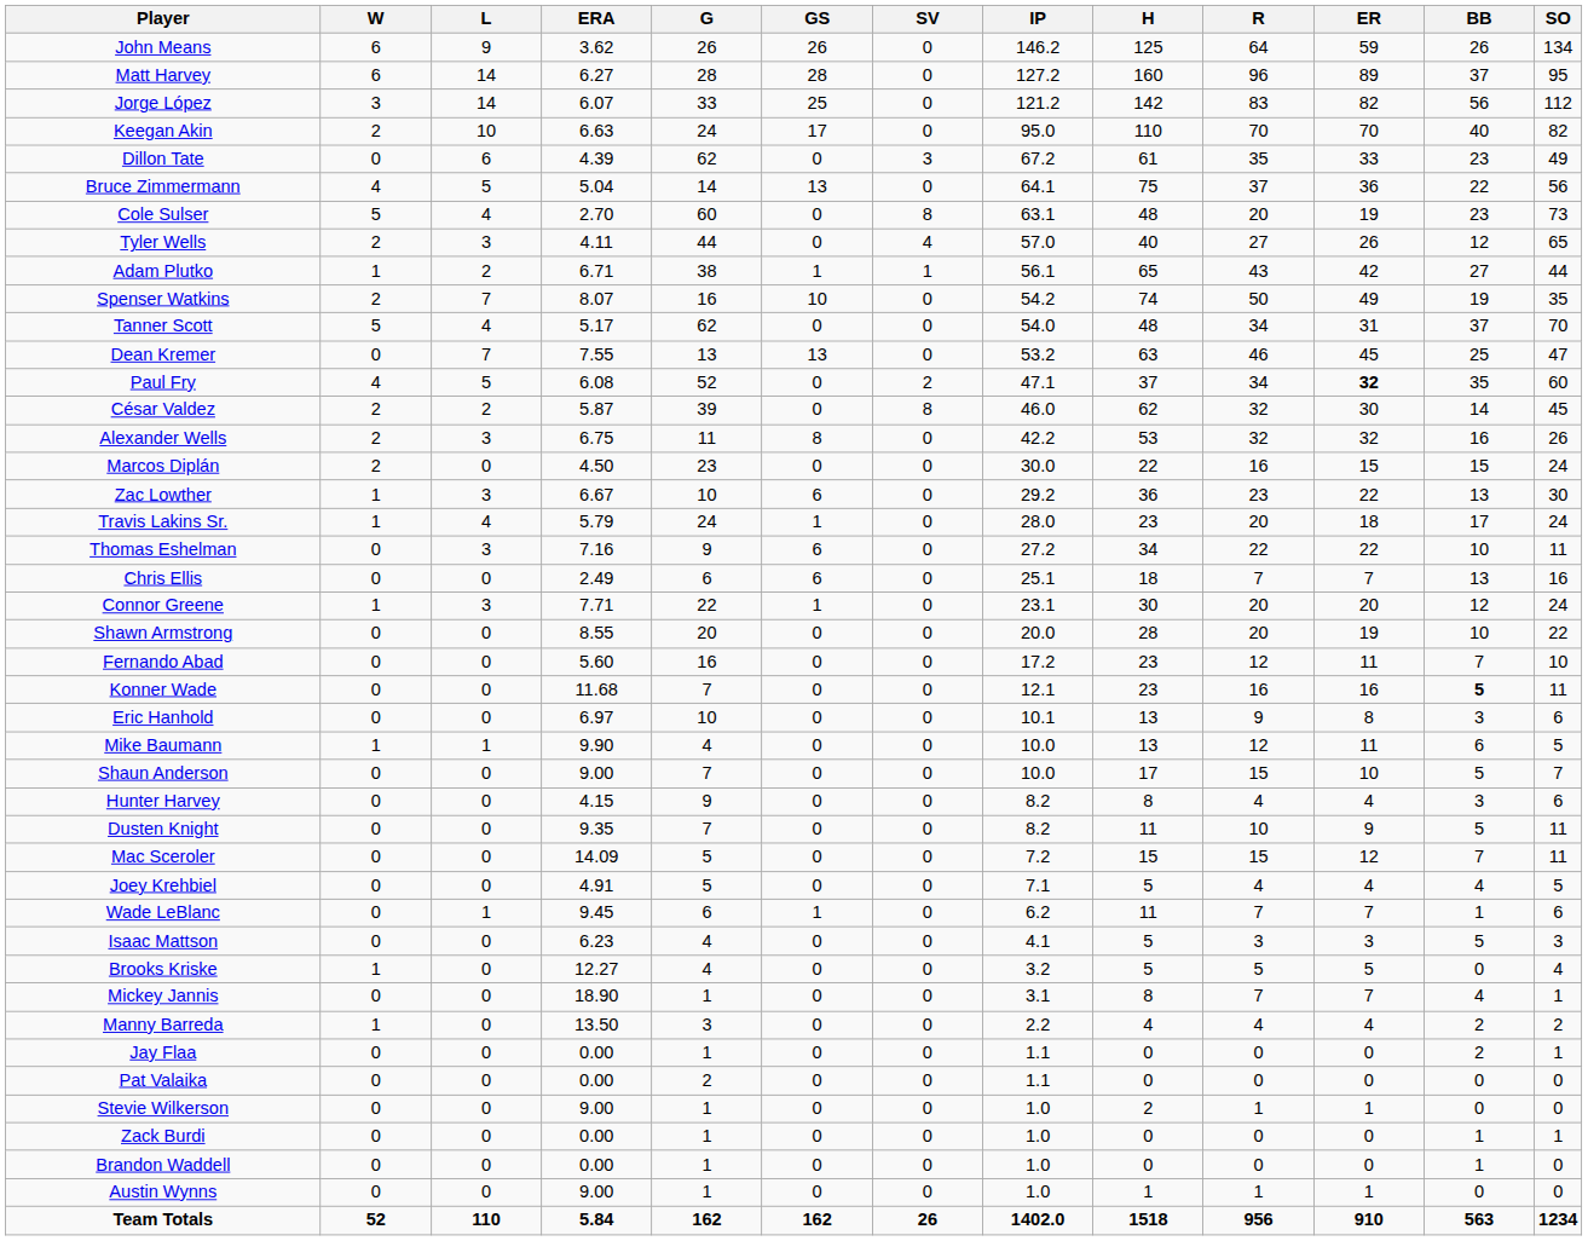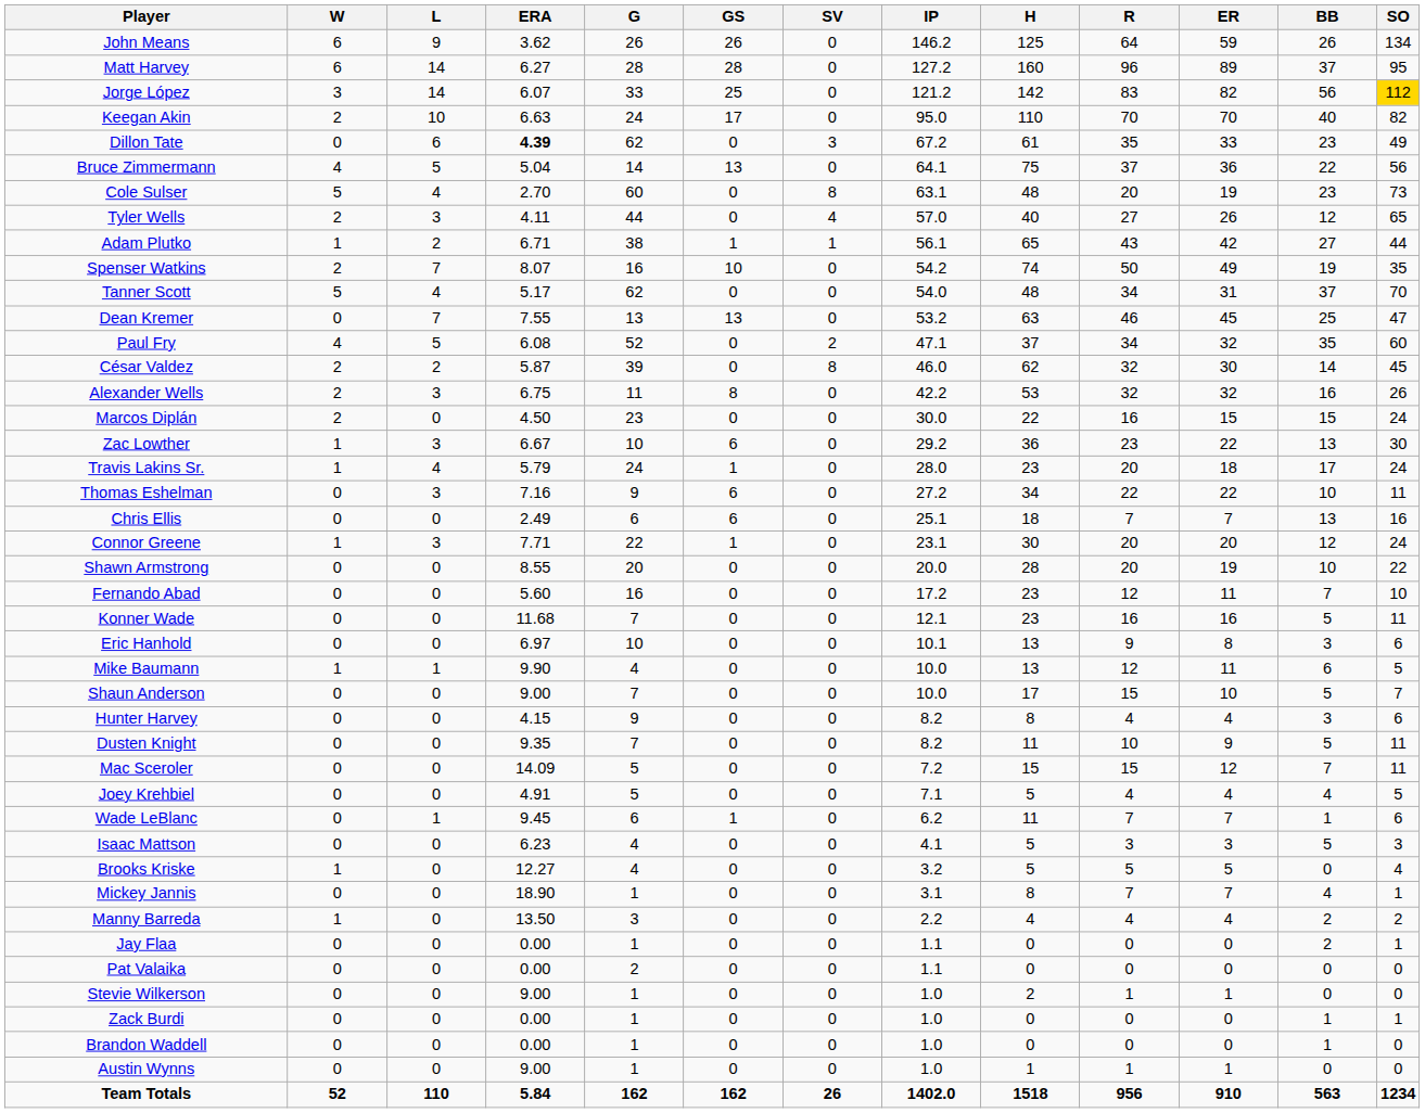 <table class=wikitable style="text-align:center">
 <tr>
 <th bgcolor=#DDDDFF; width="20%">Player</th>
 <th bgcolor=#DDDDFF; width="7%">W</th>
 <th bgcolor=#DDDDFF; width="7%">L</th>
 <th bgcolor=#DDDDFF; width="7%">ERA</th>
 <th bgcolor=#DDDDFF; width="7%">G</th>
 <th bgcolor=#DDDDFF; width="7%">GS</th>
 <th bgcolor=#DDDDFF; width="7%">SV</th>
 <th bgcolor=#DDDDFF; width="7%">IP</th>
 <th bgcolor=#DDDDFF; width="7%">H</th>
 <th bgcolor=#DDDDFF; width="7%">R</th>
 <th bgcolor=#DDDDFF; width="7%">ER</th>
 <th bgcolor=#DDDDFF; width="7%">BB</th>
 <th bgcolor=#DDDDFF; width="7%">SO</th>
 </tr>
 <tr>
 <td><a href='#'>John Means</a></td>
 <td>6</td>
 <td>9</td>
 <td>3.62</td>
 <td>26</td>
 <td>26</td>
 <td>0</td>
 <td>146.2</td>
 <td>125</td>
 <td>64</td>
 <td>59</td>
 <td>26</td>
 <td>134</td>
 </tr>
 <tr>
 <td><a href='#'>Matt Harvey</a></td>
 <td>6</td>
 <td>14</td>
 <td>6.27</td>
 <td>28</td>
 <td>28</td>
 <td>0</td>
 <td>127.2</td>
 <td>160</td>
 <td>96</td>
 <td>89</td>
 <td>37</td>
 <td>95</td>
 </tr>
 <tr>
 <td><a href='#'>Jorge López</a></td>
 <td>3</td>
 <td>14</td>
 <td>6.07</td>
 <td>33</td>
 <td>25</td>
 <td>0</td>
 <td>121.2</td>
 <td>142</td>
 <td>83</td>
 <td>82</td>
 <td>56</td>
-<td>112</td>
+<td style="background: gold;">112</td>
 </tr>
 <tr>
 <td><a href='#'>Keegan Akin</a></td>
 <td>2</td>
 <td>10</td>
 <td>6.63</td>
 <td>24</td>
 <td>17</td>
 <td>0</td>
 <td>95.0</td>
 <td>110</td>
 <td>70</td>
 <td>70</td>
 <td>40</td>
 <td>82</td>
 </tr>
 <tr>
 <td><a href='#'>Dillon Tate</a></td>
 <td>0</td>
 <td>6</td>
-<td>4.39</td>
+<td><strong>4.39</strong></td>
 <td>62</td>
 <td>0</td>
 <td>3</td>
 <td>67.2</td>
 <td>61</td>
 <td>35</td>
 <td>33</td>
 <td>23</td>
 <td>49</td>
 </tr>
 <tr>
 <td><a href='#'>Bruce Zimmermann</a></td>
 <td>4</td>
 <td>5</td>
 <td>5.04</td>
 <td>14</td>
 <td>13</td>
 <td>0</td>
 <td>64.1</td>
 <td>75</td>
 <td>37</td>
 <td>36</td>
 <td>22</td>
 <td>56</td>
 </tr>
 <tr>
 <td><a href='#'>Cole Sulser</a></td>
 <td>5</td>
 <td>4</td>
 <td>2.70</td>
 <td>60</td>
 <td>0</td>
 <td>8</td>
 <td>63.1</td>
 <td>48</td>
 <td>20</td>
 <td>19</td>
 <td>23</td>
 <td>73</td>
 </tr>
 <tr>
 <td><a href='#'>Tyler Wells</a></td>
 <td>2</td>
 <td>3</td>
 <td>4.11</td>
 <td>44</td>
 <td>0</td>
 <td>4</td>
 <td>57.0</td>
 <td>40</td>
 <td>27</td>
 <td>26</td>
 <td>12</td>
 <td>65</td>
 </tr>
 <tr>
 <td><a href='#'>Adam Plutko</a></td>
 <td>1</td>
 <td>2</td>
 <td>6.71</td>
 <td>38</td>
 <td>1</td>
 <td>1</td>
 <td>56.1</td>
 <td>65</td>
 <td>43</td>
 <td>42</td>
 <td>27</td>
 <td>44</td>
 </tr>
 <tr>
 <td><a href='#'>Spenser Watkins</a></td>
 <td>2</td>
 <td>7</td>
 <td>8.07</td>
 <td>16</td>
 <td>10</td>
 <td>0</td>
 <td>54.2</td>
 <td>74</td>
 <td>50</td>
 <td>49</td>
 <td>19</td>
 <td>35</td>
 </tr>
 <tr>
 <td><a href='#'>Tanner Scott</a></td>
 <td>5</td>
 <td>4</td>
 <td>5.17</td>
 <td>62</td>
 <td>0</td>
 <td>0</td>
 <td>54.0</td>
 <td>48</td>
 <td>34</td>
 <td>31</td>
 <td>37</td>
 <td>70</td>
 </tr>
 <tr>
 <td><a href='#'>Dean Kremer</a></td>
 <td>0</td>
 <td>7</td>
 <td>7.55</td>
 <td>13</td>
 <td>13</td>
 <td>0</td>
 <td>53.2</td>
 <td>63</td>
 <td>46</td>
 <td>45</td>
 <td>25</td>
 <td>47</td>
 </tr>
 <tr>
 <td><a href='#'>Paul Fry</a></td>
 <td>4</td>
 <td>5</td>
 <td>6.08</td>
 <td>52</td>
 <td>0</td>
 <td>2</td>
 <td>47.1</td>
 <td>37</td>
 <td>34</td>
-<td><strong>32</strong></td>
+<td>32</td>
 <td>35</td>
 <td>60</td>
 </tr>
 <tr>
 <td><a href='#'>César Valdez</a></td>
 <td>2</td>
 <td>2</td>
 <td>5.87</td>
 <td>39</td>
 <td>0</td>
 <td>8</td>
 <td>46.0</td>
 <td>62</td>
 <td>32</td>
 <td>30</td>
 <td>14</td>
 <td>45</td>
 </tr>
 <tr>
 <td><a href='#'>Alexander Wells</a></td>
 <td>2</td>
 <td>3</td>
 <td>6.75</td>
 <td>11</td>
 <td>8</td>
 <td>0</td>
 <td>42.2</td>
 <td>53</td>
 <td>32</td>
 <td>32</td>
 <td>16</td>
 <td>26</td>
 </tr>
 <tr>
 <td><a href='#'>Marcos Diplán</a></td>
 <td>2</td>
 <td>0</td>
 <td>4.50</td>
 <td>23</td>
 <td>0</td>
 <td>0</td>
 <td>30.0</td>
 <td>22</td>
 <td>16</td>
 <td>15</td>
 <td>15</td>
 <td>24</td>
 </tr>
 <tr>
 <td><a href='#'>Zac Lowther</a></td>
 <td>1</td>
 <td>3</td>
 <td>6.67</td>
 <td>10</td>
 <td>6</td>
 <td>0</td>
 <td>29.2</td>
 <td>36</td>
 <td>23</td>
 <td>22</td>
 <td>13</td>
 <td>30</td>
 </tr>
 <tr>
 <td><a href='#'>Travis Lakins Sr.</a></td>
 <td>1</td>
 <td>4</td>
 <td>5.79</td>
 <td>24</td>
 <td>1</td>
 <td>0</td>
 <td>28.0</td>
 <td>23</td>
 <td>20</td>
 <td>18</td>
 <td>17</td>
 <td>24</td>
 </tr>
 <tr>
 <td><a href='#'>Thomas Eshelman</a></td>
 <td>0</td>
 <td>3</td>
 <td>7.16</td>
 <td>9</td>
 <td>6</td>
 <td>0</td>
 <td>27.2</td>
 <td>34</td>
 <td>22</td>
 <td>22</td>
 <td>10</td>
 <td>11</td>
 </tr>
 <tr>
 <td><a href='#'>Chris Ellis</a></td>
 <td>0</td>
 <td>0</td>
 <td>2.49</td>
 <td>6</td>
 <td>6</td>
 <td>0</td>
 <td>25.1</td>
 <td>18</td>
 <td>7</td>
 <td>7</td>
 <td>13</td>
 <td>16</td>
 </tr>
 <tr>
 <td><a href='#'>Connor Greene</a></td>
 <td>1</td>
 <td>3</td>
 <td>7.71</td>
 <td>22</td>
 <td>1</td>
 <td>0</td>
 <td>23.1</td>
 <td>30</td>
 <td>20</td>
 <td>20</td>
 <td>12</td>
 <td>24</td>
 </tr>
 <tr>
 <td><a href='#'>Shawn Armstrong</a></td>
 <td>0</td>
 <td>0</td>
 <td>8.55</td>
 <td>20</td>
 <td>0</td>
 <td>0</td>
 <td>20.0</td>
 <td>28</td>
 <td>20</td>
 <td>19</td>
 <td>10</td>
 <td>22</td>
 </tr>
 <tr>
 <td><a href='#'>Fernando Abad</a></td>
 <td>0</td>
 <td>0</td>
 <td>5.60</td>
 <td>16</td>
 <td>0</td>
 <td>0</td>
 <td>17.2</td>
 <td>23</td>
 <td>12</td>
 <td>11</td>
 <td>7</td>
 <td>10</td>
 </tr>
 <tr>
 <td><a href='#'>Konner Wade</a></td>
 <td>0</td>
 <td>0</td>
 <td>11.68</td>
 <td>7</td>
 <td>0</td>
 <td>0</td>
 <td>12.1</td>
 <td>23</td>
 <td>16</td>
 <td>16</td>
-<td><strong>5</strong></td>
+<td>5</td>
 <td>11</td>
 </tr>
 <tr>
 <td><a href='#'>Eric Hanhold</a></td>
 <td>0</td>
 <td>0</td>
 <td>6.97</td>
 <td>10</td>
 <td>0</td>
 <td>0</td>
 <td>10.1</td>
 <td>13</td>
 <td>9</td>
 <td>8</td>
 <td>3</td>
 <td>6</td>
 </tr>
 <tr>
 <td><a href='#'>Mike Baumann</a></td>
 <td>1</td>
 <td>1</td>
 <td>9.90</td>
 <td>4</td>
 <td>0</td>
 <td>0</td>
 <td>10.0</td>
 <td>13</td>
 <td>12</td>
 <td>11</td>
 <td>6</td>
 <td>5</td>
 </tr>
 <tr>
 <td><a href='#'>Shaun Anderson</a></td>
 <td>0</td>
 <td>0</td>
 <td>9.00</td>
 <td>7</td>
 <td>0</td>
 <td>0</td>
 <td>10.0</td>
 <td>17</td>
 <td>15</td>
 <td>10</td>
 <td>5</td>
 <td>7</td>
 </tr>
 <tr>
 <td><a href='#'>Hunter Harvey</a></td>
 <td>0</td>
 <td>0</td>
 <td>4.15</td>
 <td>9</td>
 <td>0</td>
 <td>0</td>
 <td>8.2</td>
 <td>8</td>
 <td>4</td>
 <td>4</td>
 <td>3</td>
 <td>6</td>
 </tr>
 <tr>
 <td><a href='#'>Dusten Knight</a></td>
 <td>0</td>
 <td>0</td>
 <td>9.35</td>
 <td>7</td>
 <td>0</td>
 <td>0</td>
 <td>8.2</td>
 <td>11</td>
 <td>10</td>
 <td>9</td>
 <td>5</td>
 <td>11</td>
 </tr>
 <tr>
 <td><a href='#'>Mac Sceroler</a></td>
 <td>0</td>
 <td>0</td>
 <td>14.09</td>
 <td>5</td>
 <td>0</td>
 <td>0</td>
 <td>7.2</td>
 <td>15</td>
 <td>15</td>
 <td>12</td>
 <td>7</td>
 <td>11</td>
 </tr>
 <tr>
 <td><a href='#'>Joey Krehbiel</a></td>
 <td>0</td>
 <td>0</td>
 <td>4.91</td>
 <td>5</td>
 <td>0</td>
 <td>0</td>
 <td>7.1</td>
 <td>5</td>
 <td>4</td>
 <td>4</td>
 <td>4</td>
 <td>5</td>
 </tr>
 <tr>
 <td><a href='#'>Wade LeBlanc</a></td>
 <td>0</td>
 <td>1</td>
 <td>9.45</td>
 <td>6</td>
 <td>1</td>
 <td>0</td>
 <td>6.2</td>
 <td>11</td>
 <td>7</td>
 <td>7</td>
 <td>1</td>
 <td>6</td>
 </tr>
 <tr>
 <td><a href='#'>Isaac Mattson</a></td>
 <td>0</td>
 <td>0</td>
 <td>6.23</td>
 <td>4</td>
 <td>0</td>
 <td>0</td>
 <td>4.1</td>
 <td>5</td>
 <td>3</td>
 <td>3</td>
 <td>5</td>
 <td>3</td>
 </tr>
 <tr>
 <td><a href='#'>Brooks Kriske</a></td>
 <td>1</td>
 <td>0</td>
 <td>12.27</td>
 <td>4</td>
 <td>0</td>
 <td>0</td>
 <td>3.2</td>
 <td>5</td>
 <td>5</td>
 <td>5</td>
 <td>0</td>
 <td>4</td>
 </tr>
 <tr>
 <td><a href='#'>Mickey Jannis</a></td>
 <td>0</td>
 <td>0</td>
 <td>18.90</td>
 <td>1</td>
 <td>0</td>
 <td>0</td>
 <td>3.1</td>
 <td>8</td>
 <td>7</td>
 <td>7</td>
 <td>4</td>
 <td>1</td>
 </tr>
 <tr>
 <td><a href='#'>Manny Barreda</a></td>
 <td>1</td>
 <td>0</td>
 <td>13.50</td>
 <td>3</td>
 <td>0</td>
 <td>0</td>
 <td>2.2</td>
 <td>4</td>
 <td>4</td>
 <td>4</td>
 <td>2</td>
 <td>2</td>
 </tr>
 <tr>
 <td><a href='#'>Jay Flaa</a></td>
 <td>0</td>
 <td>0</td>
 <td>0.00</td>
 <td>1</td>
 <td>0</td>
 <td>0</td>
 <td>1.1</td>
 <td>0</td>
 <td>0</td>
 <td>0</td>
 <td>2</td>
 <td>1</td>
 </tr>
 <tr>
 <td><a href='#'>Pat Valaika</a></td>
 <td>0</td>
 <td>0</td>
 <td>0.00</td>
 <td>2</td>
 <td>0</td>
 <td>0</td>
 <td>1.1</td>
 <td>0</td>
 <td>0</td>
 <td>0</td>
 <td>0</td>
 <td>0</td>
 </tr>
 <tr>
 <td><a href='#'>Stevie Wilkerson</a></td>
 <td>0</td>
 <td>0</td>
 <td>9.00</td>
 <td>1</td>
 <td>0</td>
 <td>0</td>
 <td>1.0</td>
 <td>2</td>
 <td>1</td>
 <td>1</td>
 <td>0</td>
 <td>0</td>
 </tr>
 <tr>
 <td><a href='#'>Zack Burdi</a></td>
 <td>0</td>
 <td>0</td>
 <td>0.00</td>
 <td>1</td>
 <td>0</td>
 <td>0</td>
 <td>1.0</td>
 <td>0</td>
 <td>0</td>
 <td>0</td>
 <td>1</td>
 <td>1</td>
 </tr>
 <tr>
 <td><a href='#'>Brandon Waddell</a></td>
 <td>0</td>
 <td>0</td>
 <td>0.00</td>
 <td>1</td>
 <td>0</td>
 <td>0</td>
 <td>1.0</td>
 <td>0</td>
 <td>0</td>
 <td>0</td>
 <td>1</td>
 <td>0</td>
 </tr>
 <tr>
 <td><a href='#'>Austin Wynns</a></td>
 <td>0</td>
 <td>0</td>
 <td>9.00</td>
 <td>1</td>
 <td>0</td>
 <td>0</td>
 <td>1.0</td>
 <td>1</td>
 <td>1</td>
 <td>1</td>
 <td>0</td>
 <td>0</td>
 </tr>
 <tr>
 <td><strong>Team Totals</strong></td>
 <td><strong>52</strong></td>
 <td><strong>110</strong></td>
 <td><strong>5.84</strong></td>
 <td><strong>162</strong></td>
 <td><strong>162</strong></td>
 <td><strong>26</strong></td>
 <td><strong>1402.0</strong></td>
 <td><strong>1518</strong></td>
 <td><strong>956</strong></td>
 <td><strong>910</strong></td>
 <td><strong>563</strong></td>
 <td><strong>1234</strong></td>
 </tr>
 </table>
